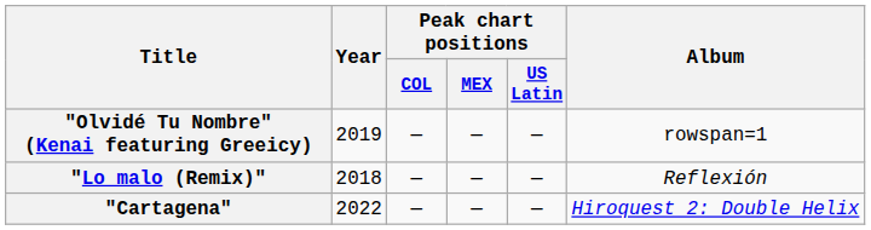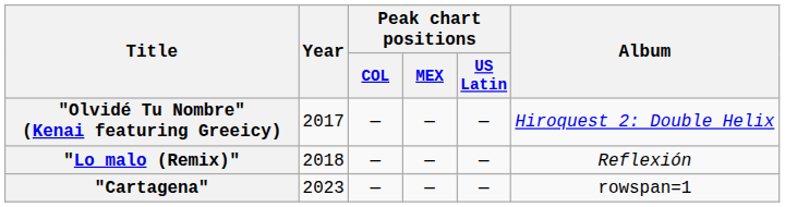 <table class="wikitable plainrowheaders" style="text-align:center;">
 <tr>
 <th scope="col" rowspan="2" style="width:16.5em;">Title</th>
 <th scope="col" rowspan="2" style="width:1em;">Year</th>
 <th colspan="3">Peak chart positions</th>
 <th scope="col" rowspan="2">Album</th>
 </tr>
 <tr>
 <th scope="col" style="width:3em;font-size:90%;"><a href='#'>COL</a><br></th>
 <th scope="col" style="width:3em;font-size:90%;"><a href='#'>MEX</a><br></th>
 <th scope="col" style="width:3em;font-size:90%;"><a href='#'>US<br>Latin</a><br></th>
 </tr>
 <tr>
 <th scope="row">"Olvidé Tu Nombre"<br><span>(<a href='#'>Kenai</a> featuring Greeicy)</span></th>
-<td rowspan="1">2019</td>
+<td rowspan="1">2017</td>
 <td>—</td>
 <td>—</td>
 <td>—</td>
-<td>rowspan=1 </td>
+<td><em><a href='#'>Hiroquest 2: Double Helix</a></em></td>
 </tr>
 <tr>
 <th scope="row">"<a href='#'>Lo malo</a> (Remix)"<br></th>
 <td rowspan="1">2018</td>
 <td>—</td>
 <td>—</td>
 <td>—</td>
 <td><em>Reflexión</em></td>
 </tr>
 <tr>
 <th scope="row">"Cartagena"<br></th>
-<td rowspan="1">2022</td>
+<td rowspan="1">2023</td>
 <td>—</td>
 <td>—</td>
 <td>—</td>
-<td><em><a href='#'>Hiroquest 2: Double Helix</a></em></td>
+<td>rowspan=1 </td>
 </tr>
 </table>
